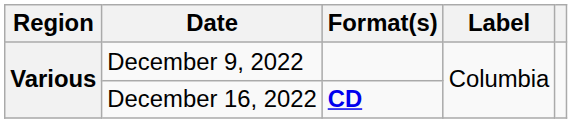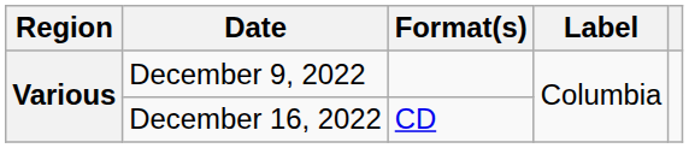 <table class="wikitable plainrowheaders">
 <tr>
 <th scope="col">Region</th>
 <th scope="col">Date</th>
 <th scope="col">Format(s)</th>
 <th scope="col">Label</th>
 <th scope="col"></th>
 </tr>
 <tr>
 <th rowspan="2" scope="row">Various</th>
 <td>December 9, 2022</td>
 <td></td>
 <td rowspan="2">Columbia</td>
 <td rowspan="2" align="center"></td>
 </tr>
 <tr>
 <td>December 16, 2022</td>
-<td><strong><a href='#'>CD</a></strong></td>
+<td><a href='#'>CD</a></td>
 </tr>
 </table>
